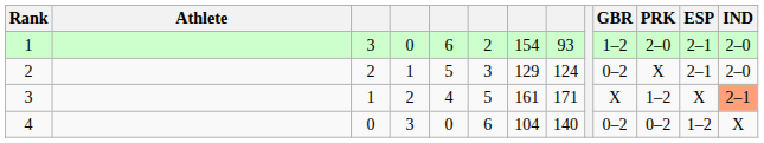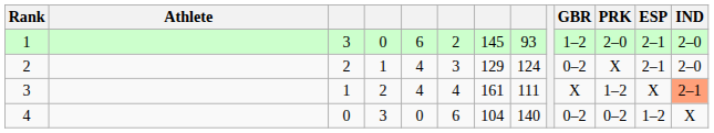 <table class="wikitable" style="text-align:center">
 <tr>
 <th>Rank</th>
 <th width=280>Athlete</th>
 <th width=30></th>
 <th width=30></th>
 <th width=30></th>
 <th width=30></th>
 <th width=30></th>
 <th width=30></th>
 <th rowspan=5></th>
 <th width=30>GBR</th>
 <th width=30>PRK</th>
 <th width=30>ESP</th>
 <th width=30>IND</th>
 </tr>
 <tr style="background-color:#ccffcc;">
 <td>1</td>
 <td align=left></td>
 <td>3</td>
 <td>0</td>
 <td>6</td>
 <td>2</td>
-<td>154</td>
+<td>145</td>
 <td>93</td>
 <td>1–2</td>
 <td>2–0</td>
 <td>2–1</td>
 <td>2–0</td>
 </tr>
 <tr>
 <td>2</td>
 <td align=left></td>
 <td>2</td>
 <td>1</td>
-<td>5</td>
+<td>4</td>
 <td>3</td>
 <td>129</td>
 <td>124</td>
 <td>0–2</td>
 <td>X</td>
 <td>2–1</td>
 <td>2–0</td>
 </tr>
 <tr>
 <td>3</td>
 <td align=left></td>
 <td>1</td>
 <td>2</td>
 <td>4</td>
-<td>5</td>
+<td>4</td>
 <td>161</td>
-<td>171</td>
+<td>111</td>
 <td>X</td>
 <td>1–2</td>
 <td>X</td>
 <td style="background: lightsalmon;">2–1</td>
 </tr>
 <tr>
 <td>4</td>
 <td align=left></td>
 <td>0</td>
 <td>3</td>
 <td>0</td>
 <td>6</td>
 <td>104</td>
 <td>140</td>
 <td>0–2</td>
 <td>0–2</td>
 <td>1–2</td>
 <td>X</td>
 </tr>
 </table>
